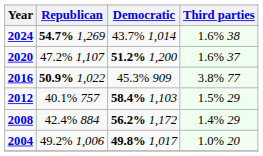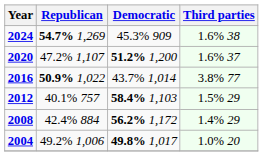 <table class="wikitable" style="float:right; font-size:95%;">
 <tr bgcolor=lightgrey>
 <th>Year</th>
 <th><a href='#'>Republican</a></th>
 <th><a href='#'>Democratic</a></th>
 <th><a href='#'>Third parties</a></th>
 </tr>
 <tr>
 <td style="text-align:center; "><strong><a href='#'>2024</a></strong></td>
 <td style="text-align:center; "><strong>54.7%</strong> <em>1,269</em></td>
-<td style="text-align:center; ">43.7%  <em>1,014</em></td>
+<td style="text-align:center; ">45.3%  <em>909</em></td>
 <td style="text-align:center; background:honeyDew;">1.6% <em>38</em></td>
 </tr>
 <tr>
 <td style="text-align:center; "><strong><a href='#'>2020</a></strong></td>
 <td style="text-align:center; ">47.2% <em>1,107</em></td>
 <td style="text-align:center; "><strong>51.2%</strong>  <em>1,200</em></td>
 <td style="text-align:center; background:honeyDew;">1.6% <em>37</em></td>
 </tr>
 <tr>
 <td style="text-align:center; "><strong><a href='#'>2016</a></strong></td>
 <td style="text-align:center; "><strong>50.9%</strong> <em>1,022</em></td>
-<td style="text-align:center; ">45.3%  <em>909</em></td>
+<td style="text-align:center; ">43.7%  <em>1,014</em></td>
 <td style="text-align:center; background:honeyDew;">3.8% <em>77</em></td>
 </tr>
 <tr>
 <td style="text-align:center; "><strong><a href='#'>2012</a></strong></td>
 <td style="text-align:center; ">40.1% <em>757</em></td>
 <td style="text-align:center; "><strong>58.4%</strong>  <em>1,103</em></td>
 <td style="text-align:center; background:honeyDew;">1.5% <em>29</em></td>
 </tr>
 <tr>
 <td style="text-align:center; "><strong><a href='#'>2008</a></strong></td>
 <td style="text-align:center; ">42.4% <em>884</em></td>
 <td style="text-align:center; "><strong>56.2%</strong>  <em>1,172</em></td>
 <td style="text-align:center; background:honeyDew;">1.4% <em>29</em></td>
 </tr>
 <tr>
 <td style="text-align:center; "><strong><a href='#'>2004</a></strong></td>
 <td style="text-align:center; ">49.2% <em>1,006</em></td>
 <td style="text-align:center; "><strong>49.8%</strong>  <em>1,017</em></td>
 <td style="text-align:center; background:honeyDew;">1.0% <em>20</em></td>
 </tr>
 <tr>
 </tr>
 </table>
